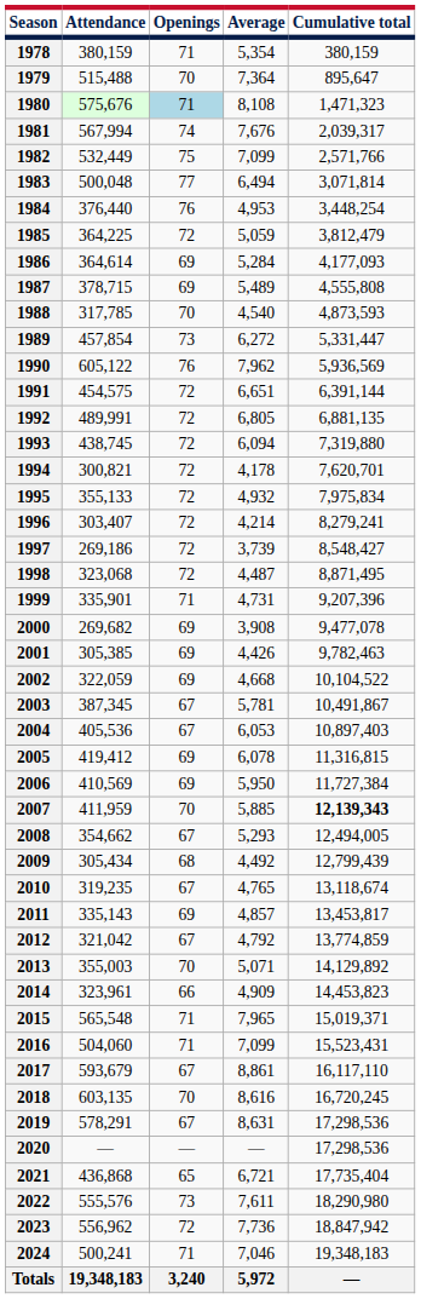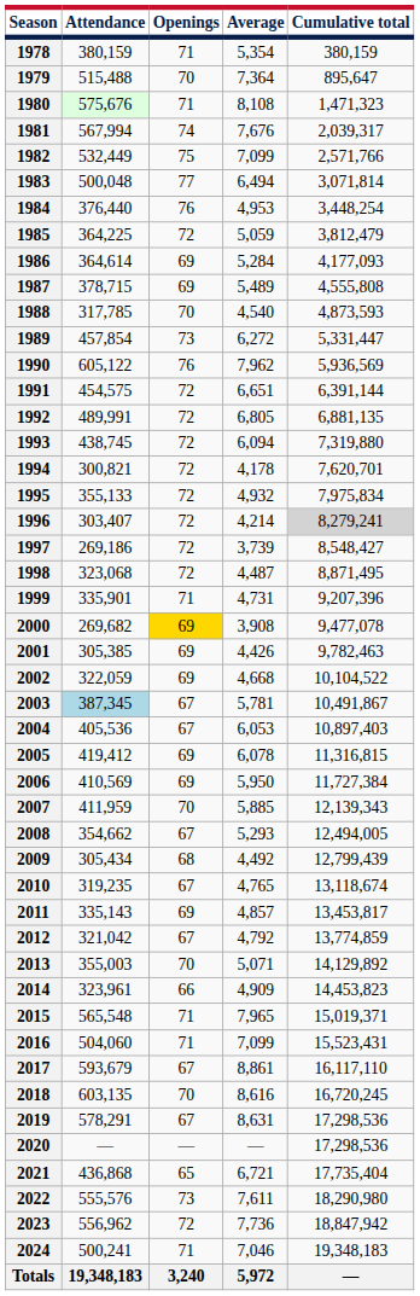 <table class="wikitable sortable plainrowheaders" style="text-align:center">
 <tr>
 <th scope="col" style="background-color:#ffffff; border-top:#c8102e 5px solid; border-bottom:#071d49 5px solid; color:#071d49">Season</th>
 <th scope="col" style="background-color:#ffffff; border-top:#c8102e 5px solid; border-bottom:#071d49 5px solid; color:#071d49">Attendance</th>
 <th scope="col" style="background-color:#ffffff; border-top:#c8102e 5px solid; border-bottom:#071d49 5px solid; color:#071d49">Openings</th>
 <th scope="col" style="background-color:#ffffff; border-top:#c8102e 5px solid; border-bottom:#071d49 5px solid; color:#071d49">Average</th>
 <th scope="col" style="background-color:#ffffff; border-top:#c8102e 5px solid; border-bottom:#071d49 5px solid; color:#071d49">Cumulative total</th>
 </tr>
 <tr>
 <th scope="row" style="text-align:center">1978</th>
 <td>380,159</td>
 <td>71</td>
 <td>5,354</td>
 <td>380,159</td>
 </tr>
 <tr>
 <th scope="row" style="text-align:center">1979</th>
 <td>515,488</td>
 <td>70</td>
 <td>7,364</td>
 <td>895,647</td>
 </tr>
 <tr>
 <th scope="row" style="text-align:center">1980</th>
 <td bgcolor="#DDFFDD">575,676</td>
-<td style="background: lightblue;">71</td>
+<td>71</td>
 <td>8,108</td>
 <td>1,471,323</td>
 </tr>
 <tr>
 <th scope="row" style="text-align:center">1981</th>
 <td>567,994</td>
 <td>74</td>
 <td>7,676</td>
 <td>2,039,317</td>
 </tr>
 <tr>
 <th scope="row" style="text-align:center">1982</th>
 <td>532,449</td>
 <td>75</td>
 <td>7,099</td>
 <td>2,571,766</td>
 </tr>
 <tr>
 <th scope="row" style="text-align:center">1983</th>
 <td>500,048</td>
 <td>77</td>
 <td>6,494</td>
 <td>3,071,814</td>
 </tr>
 <tr>
 <th scope="row" style="text-align:center">1984</th>
 <td>376,440</td>
 <td>76</td>
 <td>4,953</td>
 <td>3,448,254</td>
 </tr>
 <tr>
 <th scope="row" style="text-align:center">1985</th>
 <td>364,225</td>
 <td>72</td>
 <td>5,059</td>
 <td>3,812,479</td>
 </tr>
 <tr>
 <th scope="row" style="text-align:center">1986</th>
 <td>364,614</td>
 <td>69</td>
 <td>5,284</td>
 <td>4,177,093</td>
 </tr>
 <tr>
 <th scope="row" style="text-align:center">1987</th>
 <td>378,715</td>
 <td>69</td>
 <td>5,489</td>
 <td>4,555,808</td>
 </tr>
 <tr>
 <th scope="row" style="text-align:center">1988</th>
 <td>317,785</td>
 <td>70</td>
 <td>4,540</td>
 <td>4,873,593</td>
 </tr>
 <tr>
 <th scope="row" style="text-align:center">1989</th>
 <td>457,854</td>
 <td>73</td>
 <td>6,272</td>
 <td>5,331,447</td>
 </tr>
 <tr>
 <th scope="row" style="text-align:center">1990</th>
 <td>605,122</td>
 <td>76</td>
 <td>7,962</td>
 <td>5,936,569</td>
 </tr>
 <tr>
 <th scope="row" style="text-align:center">1991</th>
 <td>454,575</td>
 <td>72</td>
 <td>6,651</td>
 <td>6,391,144</td>
 </tr>
 <tr>
 <th scope="row" style="text-align:center">1992</th>
 <td>489,991</td>
 <td>72</td>
 <td>6,805</td>
 <td>6,881,135</td>
 </tr>
 <tr>
 <th scope="row" style="text-align:center">1993</th>
 <td>438,745</td>
 <td>72</td>
 <td>6,094</td>
 <td>7,319,880</td>
 </tr>
 <tr>
 <th scope="row" style="text-align:center">1994</th>
 <td>300,821</td>
 <td>72</td>
 <td>4,178</td>
 <td>7,620,701</td>
 </tr>
 <tr>
 <th scope="row" style="text-align:center">1995</th>
 <td>355,133</td>
 <td>72</td>
 <td>4,932</td>
 <td>7,975,834</td>
 </tr>
 <tr>
 <th scope="row" style="text-align:center">1996</th>
 <td>303,407</td>
 <td>72</td>
 <td>4,214</td>
-<td>8,279,241</td>
+<td style="background: lightgrey;">8,279,241</td>
 </tr>
 <tr>
 <th scope="row" style="text-align:center">1997</th>
 <td>269,186</td>
 <td>72</td>
 <td>3,739</td>
 <td>8,548,427</td>
 </tr>
 <tr>
 <th scope="row" style="text-align:center">1998</th>
 <td>323,068</td>
 <td>72</td>
 <td>4,487</td>
 <td>8,871,495</td>
 </tr>
 <tr>
 <th scope="row" style="text-align:center">1999</th>
 <td>335,901</td>
 <td>71</td>
 <td>4,731</td>
 <td>9,207,396</td>
 </tr>
 <tr>
 <th scope="row" style="text-align:center">2000</th>
 <td>269,682</td>
-<td>69</td>
+<td style="background: gold;">69</td>
 <td>3,908</td>
 <td>9,477,078</td>
 </tr>
 <tr>
 <th scope="row" style="text-align:center">2001</th>
 <td>305,385</td>
 <td>69</td>
 <td>4,426</td>
 <td>9,782,463</td>
 </tr>
 <tr>
 <th scope="row" style="text-align:center">2002</th>
 <td>322,059</td>
 <td>69</td>
 <td>4,668</td>
 <td>10,104,522</td>
 </tr>
 <tr>
 <th scope="row" style="text-align:center">2003</th>
-<td>387,345</td>
+<td style="background: lightblue;">387,345</td>
 <td>67</td>
 <td>5,781</td>
 <td>10,491,867</td>
 </tr>
 <tr>
 <th scope="row" style="text-align:center">2004</th>
 <td>405,536</td>
 <td>67</td>
 <td>6,053</td>
 <td>10,897,403</td>
 </tr>
 <tr>
 <th scope="row" style="text-align:center">2005</th>
 <td>419,412</td>
 <td>69</td>
 <td>6,078</td>
 <td>11,316,815</td>
 </tr>
 <tr>
 <th scope="row" style="text-align:center">2006</th>
 <td>410,569</td>
 <td>69</td>
 <td>5,950</td>
 <td>11,727,384</td>
 </tr>
 <tr>
 <th scope="row" style="text-align:center">2007</th>
 <td>411,959</td>
 <td>70</td>
 <td>5,885</td>
-<td><strong>12,139,343</strong></td>
+<td>12,139,343</td>
 </tr>
 <tr>
 <th scope="row" style="text-align:center">2008</th>
 <td>354,662</td>
 <td>67</td>
 <td>5,293</td>
 <td>12,494,005</td>
 </tr>
 <tr>
 <th scope="row" style="text-align:center">2009</th>
 <td>305,434</td>
 <td>68</td>
 <td>4,492</td>
 <td>12,799,439</td>
 </tr>
 <tr>
 <th scope="row" style="text-align:center">2010</th>
 <td>319,235</td>
 <td>67</td>
 <td>4,765</td>
 <td>13,118,674</td>
 </tr>
 <tr>
 <th scope="row" style="text-align:center">2011</th>
 <td>335,143</td>
 <td>69</td>
 <td>4,857</td>
 <td>13,453,817</td>
 </tr>
 <tr>
 <th scope="row" style="text-align:center">2012</th>
 <td>321,042</td>
 <td>67</td>
 <td>4,792</td>
 <td>13,774,859</td>
 </tr>
 <tr>
 <th scope="row" style="text-align:center">2013</th>
 <td>355,003</td>
 <td>70</td>
 <td>5,071</td>
 <td>14,129,892</td>
 </tr>
 <tr>
 <th scope="row" style="text-align:center">2014</th>
 <td>323,961</td>
 <td>66</td>
 <td>4,909</td>
 <td>14,453,823</td>
 </tr>
 <tr>
 <th scope="row" style="text-align:center">2015</th>
 <td>565,548</td>
 <td>71</td>
 <td>7,965</td>
 <td>15,019,371</td>
 </tr>
 <tr>
 <th scope="row" style="text-align:center">2016</th>
 <td>504,060</td>
 <td>71</td>
 <td>7,099</td>
 <td>15,523,431</td>
 </tr>
 <tr>
 <th scope="row" style="text-align:center">2017</th>
 <td>593,679</td>
 <td>67</td>
 <td>8,861</td>
 <td>16,117,110</td>
 </tr>
 <tr>
 <th scope="row" style="text-align:center">2018</th>
 <td>603,135</td>
 <td>70</td>
 <td>8,616</td>
 <td>16,720,245</td>
 </tr>
 <tr>
 <th scope="row" style="text-align:center">2019</th>
 <td>578,291</td>
 <td>67</td>
 <td>8,631</td>
 <td>17,298,536</td>
 </tr>
 <tr>
 <th scope="row" style="text-align:center">2020</th>
 <td>—</td>
 <td>—</td>
 <td>—</td>
 <td>17,298,536</td>
 </tr>
 <tr>
 <th scope="row" style="text-align:center">2021</th>
 <td>436,868</td>
 <td>65</td>
 <td>6,721</td>
 <td>17,735,404</td>
 </tr>
 <tr>
 <th scope="row" style="text-align:center">2022</th>
 <td>555,576</td>
 <td>73</td>
 <td>7,611</td>
 <td>18,290,980</td>
 </tr>
 <tr>
 <th scope="row" style="text-align:center">2023</th>
 <td>556,962</td>
 <td>72</td>
 <td>7,736</td>
 <td>18,847,942</td>
 </tr>
 <tr>
 <th scope="row" style="text-align:center">2024</th>
 <td>500,241</td>
 <td>71</td>
 <td>7,046</td>
 <td>19,348,183</td>
 </tr>
 <tr class="sortbottom">
 <th scope="row" style="text-align:center"><strong>Totals</strong></th>
 <th>19,348,183</th>
 <th>3,240</th>
 <th>5,972</th>
 <th>—</th>
 </tr>
 </table>
